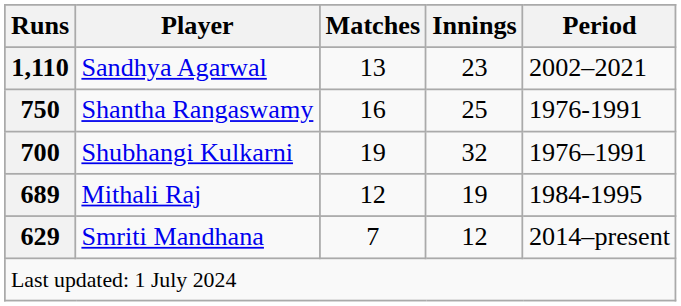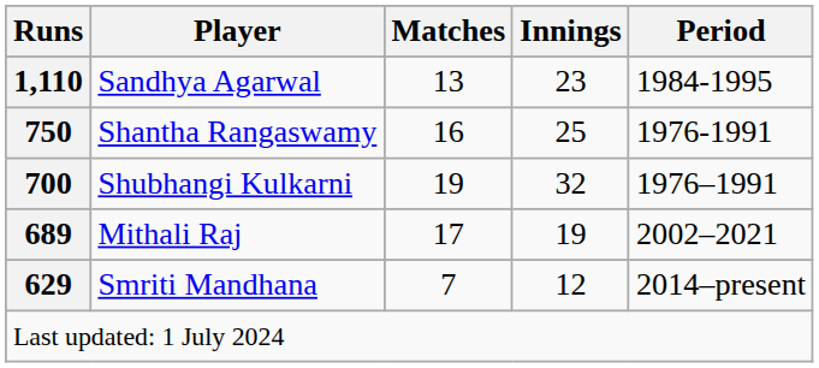 <table class="wikitable sortable" style="text-align:left;font-size:93%;">
 <tr>
 <th><strong>Runs</strong></th>
 <th><strong>Player</strong></th>
 <th><strong>Matches</strong></th>
 <th><strong>Innings</strong></th>
 <th><strong>Period</strong></th>
 </tr>
 <tr>
 <th scope=row style=text-align:center;>1,110</th>
 <td><a href='#'>Sandhya Agarwal</a></td>
 <td align=center>13</td>
 <td align=center>23</td>
-<td>2002–2021</td>
+<td>1984-1995</td>
 </tr>
 <tr>
 <th scope=row style=text-align:center;>750</th>
 <td><a href='#'>Shantha Rangaswamy</a></td>
 <td align=center>16</td>
 <td align=center>25</td>
 <td>1976-1991</td>
 </tr>
 <tr>
 <th scope="row" style="text-align:center;">700</th>
 <td><a href='#'>Shubhangi Kulkarni</a></td>
 <td align="center">19</td>
 <td align="center">32</td>
 <td>1976–1991</td>
 </tr>
 <tr>
 <th scope=row style=text-align:center;>689</th>
 <td><a href='#'>Mithali Raj</a></td>
-<td align="center">12</td>
+<td align="center">17</td>
 <td align="center">19</td>
-<td>1984-1995</td>
+<td>2002–2021</td>
 </tr>
 <tr>
 <th scope="row" style="text-align:center;">629</th>
 <td><a href='#'>Smriti Mandhana</a></td>
 <td align="center">7</td>
 <td align="center">12</td>
 <td>2014–present</td>
 </tr>
 <tr class=sortbottom>
 <td colspan=6><small>Last updated: 1 July 2024</small></td>
 </tr>
 </table>
